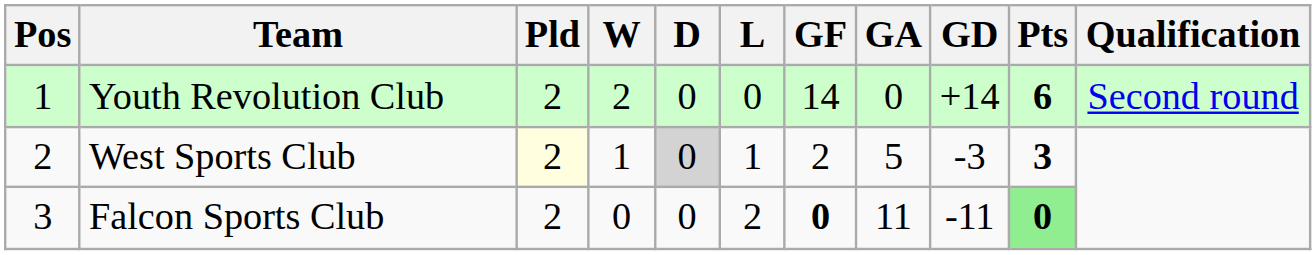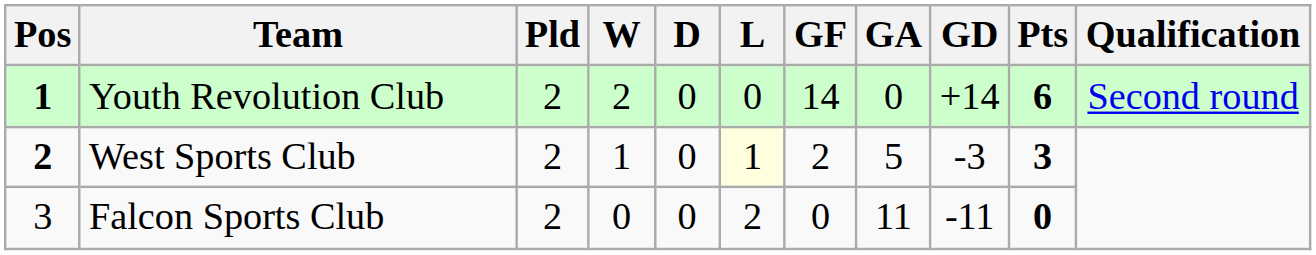 <table class="wikitable" style="text-align:center">
 <tr>
 <th style="width:20px;" abbr="Position">Pos</th>
 <th width=175>Team</th>
 <th style="width:20px;" abbr="Played">Pld</th>
 <th style="width:20px;" abbr="Won">W</th>
 <th style="width:20px;" abbr="Drawn">D</th>
 <th style="width:20px;" abbr="Lost">L</th>
 <th style="width:20px;" abbr="Goals for">GF</th>
 <th style="width:20px;" abbr="Goals against">GA</th>
 <th style="width:20px;" abbr="Goal difference">GD</th>
 <th style="width:20px;" abbr="Points">Pts</th>
 <th style="width:20px;">Qualification</th>
 </tr>
 <tr style="background:#cfc;">
-<td>1</td>
+<td><strong>1</strong></td>
 <td align=left>Youth Revolution Club</td>
 <td>2</td>
 <td>2</td>
 <td>0</td>
 <td>0</td>
 <td>14</td>
 <td>0</td>
 <td>+14</td>
 <td><strong>6</strong></td>
 <td><a href='#'>Second round</a></td>
 </tr>
 <tr>
+<td><strong>2</strong></td>
+<td align=left>West Sports Club</td>
 <td>2</td>
-<td align=left>West Sports Club</td>
-<td style="background: lightyellow;">2</td>
 <td>1</td>
-<td style="background: lightgrey;">0</td>
-<td>1</td>
+<td>0</td>
+<td style="background: lightyellow;">1</td>
 <td>2</td>
 <td>5</td>
 <td>-3</td>
 <td><strong>3</strong></td>
 </tr>
 <tr>
 <td>3</td>
 <td align=left>Falcon Sports Club</td>
 <td>2</td>
 <td>0</td>
 <td>0</td>
 <td>2</td>
-<td><strong>0</strong></td>
+<td>0</td>
 <td>11</td>
 <td>-11</td>
-<td style="background: lightgreen;"><strong>0</strong></td>
+<td><strong>0</strong></td>
 </tr>
 </table>
